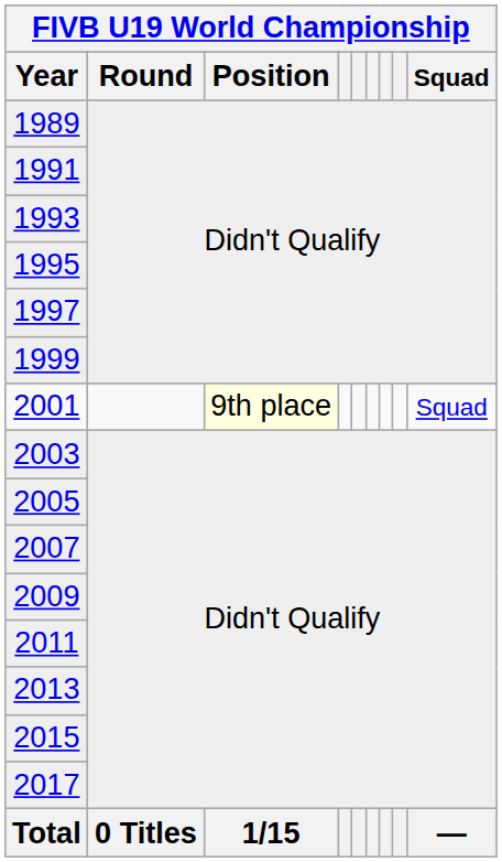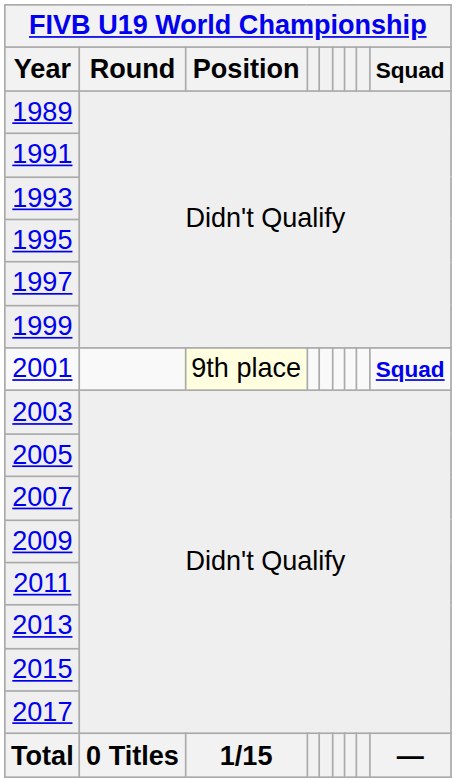 <table class="wikitable" style="text-align: center;">
 <tr>
 <th colspan=9><a href='#'>FIVB U19 World Championship</a></th>
 </tr>
 <tr>
 <th>Year</th>
 <th>Round</th>
 <th>Position</th>
 <th></th>
 <th></th>
 <th></th>
 <th></th>
 <th></th>
 <th><small>Squad</small></th>
 </tr>
 <tr bgcolor="efefef">
 <td> <a href='#'>1989</a></td>
 <td colspan=9 rowspan=6>Didn't Qualify</td>
 </tr>
 <tr bgcolor="efefef">
 <td> <a href='#'>1991</a></td>
 </tr>
 <tr bgcolor="efefef">
 <td> <a href='#'>1993</a></td>
 </tr>
 <tr bgcolor="efefef">
 <td> <a href='#'>1995</a></td>
 </tr>
 <tr bgcolor="efefef">
 <td> <a href='#'>1997</a></td>
 </tr>
 <tr bgcolor="efefef">
 <td> <a href='#'>1999</a></td>
 </tr>
 <tr>
 <td> <a href='#'>2001</a></td>
 <td></td>
 <td style="background: lightyellow;">9th place</td>
 <td></td>
 <td></td>
 <td></td>
 <td></td>
 <td></td>
-<td><small><a href='#'>Squad</a></small></td>
+<td><strong><small><a href='#'>Squad</a></small></strong></td>
 </tr>
 <tr bgcolor="efefef">
 <td> <a href='#'>2003</a></td>
 <td colspan=9 rowspan=8>Didn't Qualify</td>
 </tr>
 <tr bgcolor="efefef">
 <td> <a href='#'>2005</a></td>
 </tr>
 <tr bgcolor="efefef">
 <td> <a href='#'>2007</a></td>
 </tr>
 <tr bgcolor="efefef">
 <td> <a href='#'>2009</a></td>
 </tr>
 <tr bgcolor="efefef">
 <td> <a href='#'>2011</a></td>
 </tr>
 <tr bgcolor="efefef">
 <td> <a href='#'>2013</a></td>
 </tr>
 <tr bgcolor="efefef">
 <td> <a href='#'>2015</a></td>
 </tr>
 <tr bgcolor="efefef">
 <td> <a href='#'>2017</a></td>
 </tr>
 <tr>
 <th>Total</th>
 <th>0 Titles</th>
 <th>1/15</th>
 <th></th>
 <th></th>
 <th></th>
 <th></th>
 <th></th>
 <th>—</th>
 </tr>
 </table>
